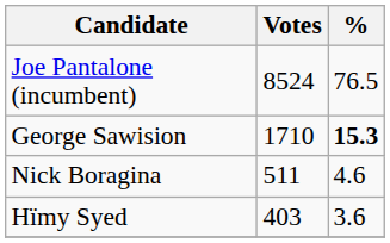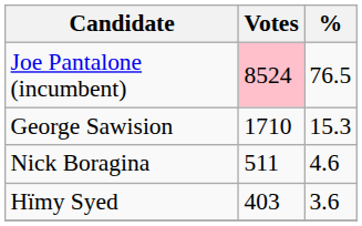 <table class="wikitable">
 <tr>
 <th bgcolor="#DDDDFF" width="150px">Candidate</th>
 <th bgcolor="#DDDDFF">Votes</th>
 <th bgcolor="#DDDDFF">%</th>
 </tr>
 <tr>
 <td><a href='#'>Joe Pantalone</a> (incumbent)</td>
-<td>8524</td>
+<td style="background: pink;">8524</td>
 <td>76.5</td>
 </tr>
 <tr>
 <td>George Sawision</td>
 <td>1710</td>
-<td><strong>15.3</strong></td>
+<td>15.3</td>
 </tr>
 <tr>
 <td>Nick Boragina</td>
 <td>511</td>
 <td>4.6</td>
 </tr>
 <tr>
 <td>Hïmy Syed</td>
 <td>403</td>
 <td>3.6</td>
 </tr>
 <tr>
 </tr>
 </table>
